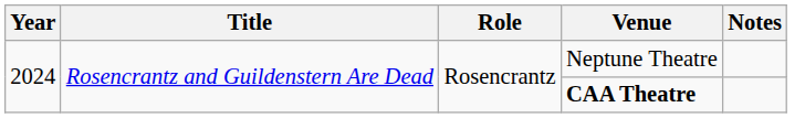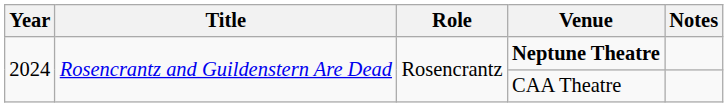 <table class="wikitable">
 <tr>
 <th>Year</th>
 <th>Title</th>
 <th>Role</th>
 <th>Venue</th>
 <th>Notes</th>
 </tr>
 <tr>
 <td rowspan="2">2024</td>
 <td rowspan="2"><em><a href='#'>Rosencrantz and Guildenstern Are Dead</a></em></td>
 <td rowspan="2">Rosencrantz</td>
-<td>Neptune Theatre</td>
+<td><strong>Neptune Theatre</strong></td>
 <td></td>
 </tr>
 <tr>
-<td><strong>CAA Theatre</strong></td>
+<td>CAA Theatre</td>
 <td></td>
 </tr>
 </table>
